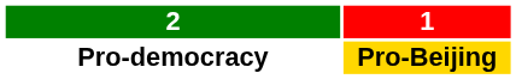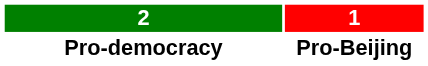 <table style="width:50%; text-align:center;">
 <tr style="color:white;">
 <td style="background:green; width:66.7%;"><strong>2</strong></td>
 <td style="background:red; width:33.3%;"><strong>1</strong></td>
 </tr>
 <tr>
 <td><span><strong>Pro-democracy</strong></span></td>
-<td style="background: gold;"><span><strong>Pro-Beijing</strong></span></td>
+<td><span><strong>Pro-Beijing</strong></span></td>
 </tr>
 </table>
